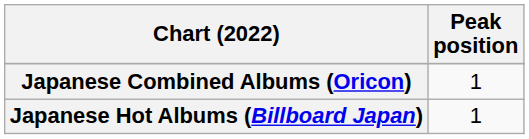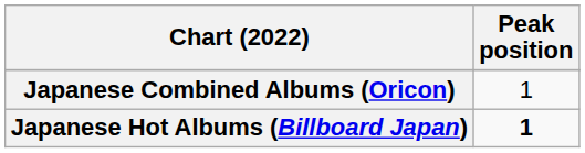 <table class="wikitable sortable plainrowheaders" style="text-align:center">
 <tr>
 <th>Chart (2022)</th>
 <th>Peak<br>position</th>
 </tr>
 <tr>
 </tr>
 <tr>
 <th scope="row">Japanese Combined Albums (<a href='#'>Oricon</a>)</th>
 <td>1</td>
 </tr>
 <tr>
 <th scope="row">Japanese Hot Albums (<em><a href='#'>Billboard Japan</a></em>)</th>
-<td>1</td>
+<td><strong>1</strong></td>
 </tr>
 </table>
